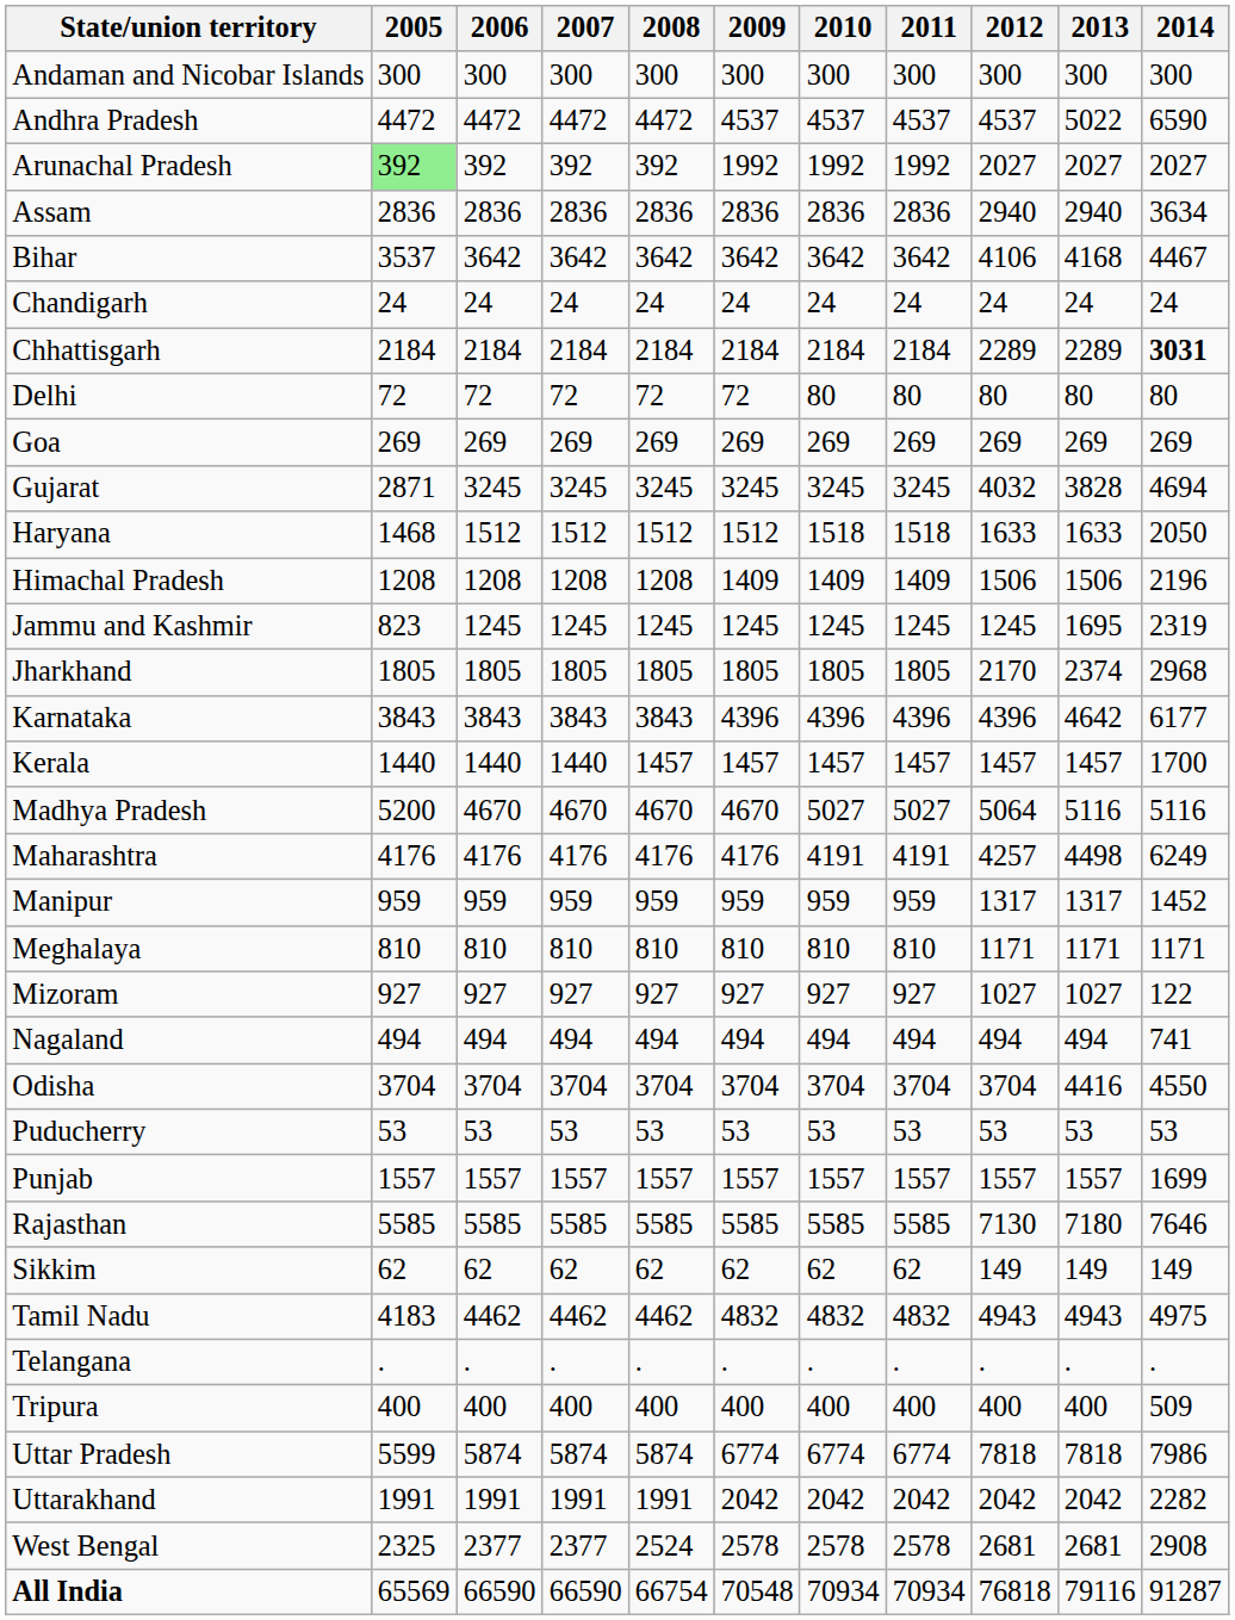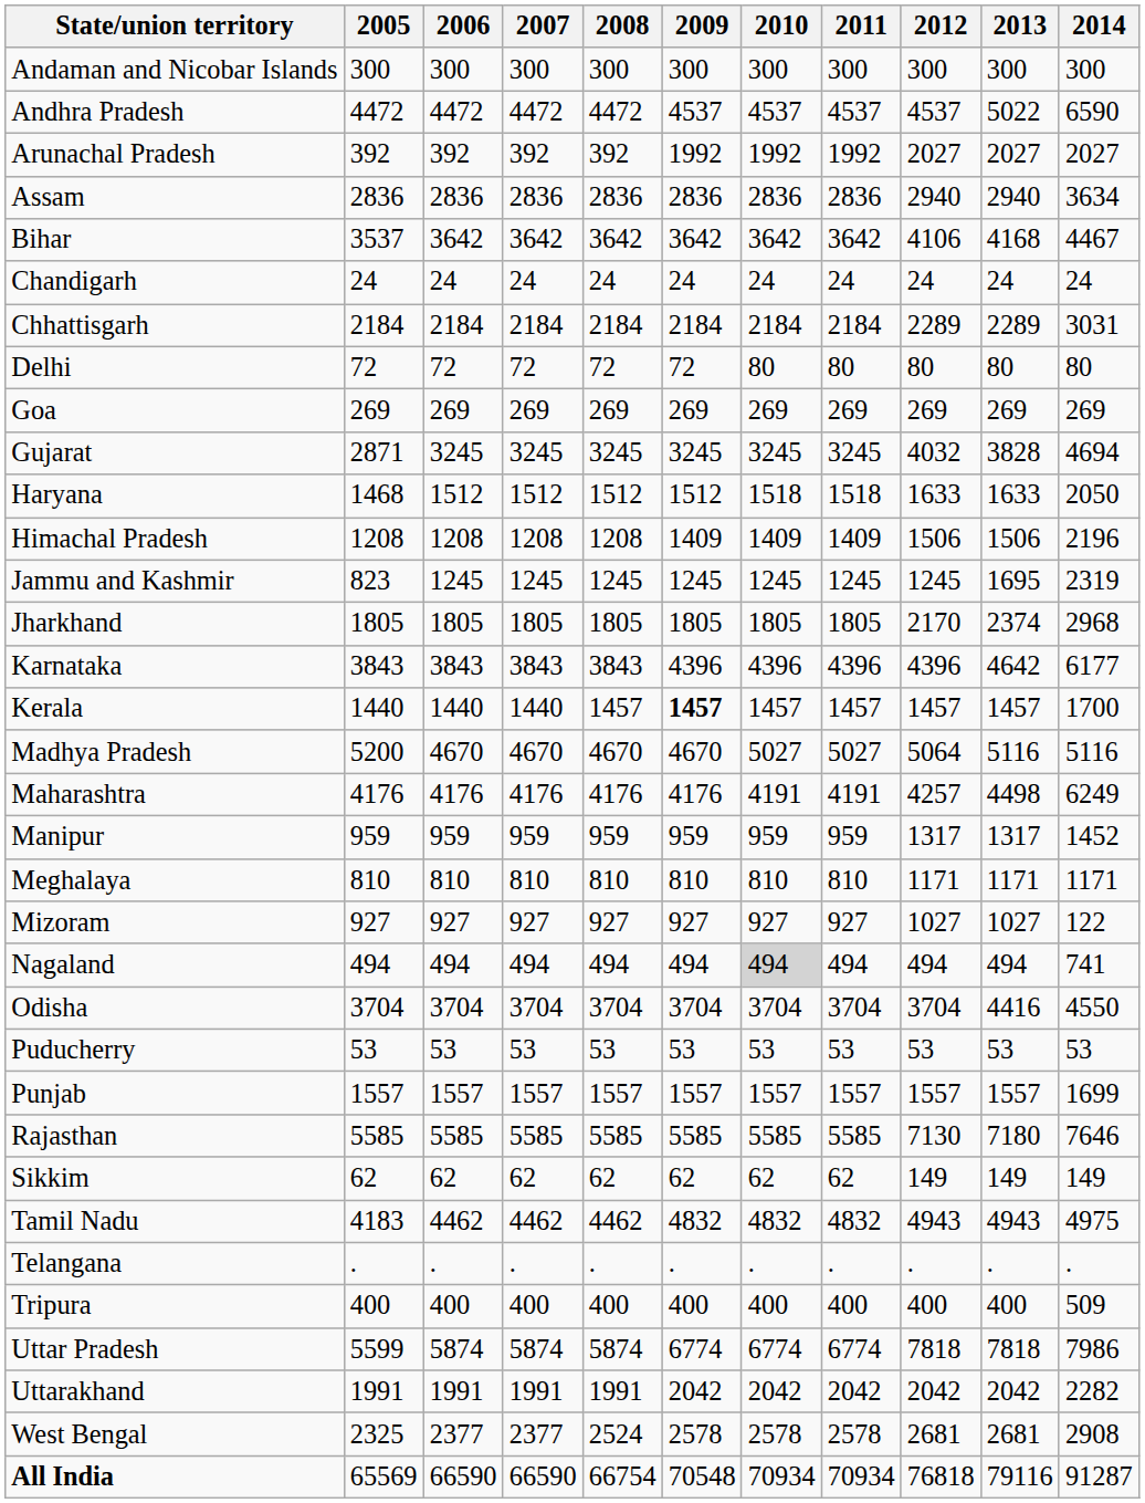 <table class="wikitable sortable">
 <tr>
 <th>State/union territory</th>
 <th>2005</th>
 <th>2006</th>
 <th>2007</th>
 <th>2008</th>
 <th>2009</th>
 <th>2010</th>
 <th>2011</th>
 <th>2012</th>
 <th>2013</th>
 <th>2014</th>
 </tr>
 <tr>
 <td>Andaman and Nicobar Islands</td>
 <td>300</td>
 <td>300</td>
 <td>300</td>
 <td>300</td>
 <td>300</td>
 <td>300</td>
 <td>300</td>
 <td>300</td>
 <td>300</td>
 <td>300</td>
 </tr>
 <tr>
 <td>Andhra Pradesh</td>
 <td>4472</td>
 <td>4472</td>
 <td>4472</td>
 <td>4472</td>
 <td>4537</td>
 <td>4537</td>
 <td>4537</td>
 <td>4537</td>
 <td>5022</td>
 <td>6590</td>
 </tr>
 <tr>
 <td>Arunachal Pradesh</td>
-<td style="background: lightgreen;">392</td>
+<td>392</td>
 <td>392</td>
 <td>392</td>
 <td>392</td>
 <td>1992</td>
 <td>1992</td>
 <td>1992</td>
 <td>2027</td>
 <td>2027</td>
 <td>2027</td>
 </tr>
 <tr>
 <td>Assam</td>
 <td>2836</td>
 <td>2836</td>
 <td>2836</td>
 <td>2836</td>
 <td>2836</td>
 <td>2836</td>
 <td>2836</td>
 <td>2940</td>
 <td>2940</td>
 <td>3634</td>
 </tr>
 <tr>
 <td>Bihar</td>
 <td>3537</td>
 <td>3642</td>
 <td>3642</td>
 <td>3642</td>
 <td>3642</td>
 <td>3642</td>
 <td>3642</td>
 <td>4106</td>
 <td>4168</td>
 <td>4467</td>
 </tr>
 <tr>
 <td>Chandigarh</td>
 <td>24</td>
 <td>24</td>
 <td>24</td>
 <td>24</td>
 <td>24</td>
 <td>24</td>
 <td>24</td>
 <td>24</td>
 <td>24</td>
 <td>24</td>
 </tr>
 <tr>
 <td>Chhattisgarh</td>
 <td>2184</td>
 <td>2184</td>
 <td>2184</td>
 <td>2184</td>
 <td>2184</td>
 <td>2184</td>
 <td>2184</td>
 <td>2289</td>
 <td>2289</td>
-<td><strong>3031</strong></td>
+<td>3031</td>
 </tr>
 <tr>
 <td>Delhi</td>
 <td>72</td>
 <td>72</td>
 <td>72</td>
 <td>72</td>
 <td>72</td>
 <td>80</td>
 <td>80</td>
 <td>80</td>
 <td>80</td>
 <td>80</td>
 </tr>
 <tr>
 <td>Goa</td>
 <td>269</td>
 <td>269</td>
 <td>269</td>
 <td>269</td>
 <td>269</td>
 <td>269</td>
 <td>269</td>
 <td>269</td>
 <td>269</td>
 <td>269</td>
 </tr>
 <tr>
 <td>Gujarat</td>
 <td>2871</td>
 <td>3245</td>
 <td>3245</td>
 <td>3245</td>
 <td>3245</td>
 <td>3245</td>
 <td>3245</td>
 <td>4032</td>
 <td>3828</td>
 <td>4694</td>
 </tr>
 <tr>
 <td>Haryana</td>
 <td>1468</td>
 <td>1512</td>
 <td>1512</td>
 <td>1512</td>
 <td>1512</td>
 <td>1518</td>
 <td>1518</td>
 <td>1633</td>
 <td>1633</td>
 <td>2050</td>
 </tr>
 <tr>
 <td>Himachal Pradesh</td>
 <td>1208</td>
 <td>1208</td>
 <td>1208</td>
 <td>1208</td>
 <td>1409</td>
 <td>1409</td>
 <td>1409</td>
 <td>1506</td>
 <td>1506</td>
 <td>2196</td>
 </tr>
 <tr>
 <td>Jammu and Kashmir</td>
 <td>823</td>
 <td>1245</td>
 <td>1245</td>
 <td>1245</td>
 <td>1245</td>
 <td>1245</td>
 <td>1245</td>
 <td>1245</td>
 <td>1695</td>
 <td>2319</td>
 </tr>
 <tr>
 <td>Jharkhand</td>
 <td>1805</td>
 <td>1805</td>
 <td>1805</td>
 <td>1805</td>
 <td>1805</td>
 <td>1805</td>
 <td>1805</td>
 <td>2170</td>
 <td>2374</td>
 <td>2968</td>
 </tr>
 <tr>
 <td>Karnataka</td>
 <td>3843</td>
 <td>3843</td>
 <td>3843</td>
 <td>3843</td>
 <td>4396</td>
 <td>4396</td>
 <td>4396</td>
 <td>4396</td>
 <td>4642</td>
 <td>6177</td>
 </tr>
 <tr>
 <td>Kerala</td>
 <td>1440</td>
 <td>1440</td>
 <td>1440</td>
 <td>1457</td>
-<td>1457</td>
+<td><strong>1457</strong></td>
 <td>1457</td>
 <td>1457</td>
 <td>1457</td>
 <td>1457</td>
 <td>1700</td>
 </tr>
 <tr>
 <td>Madhya Pradesh</td>
 <td>5200</td>
 <td>4670</td>
 <td>4670</td>
 <td>4670</td>
 <td>4670</td>
 <td>5027</td>
 <td>5027</td>
 <td>5064</td>
 <td>5116</td>
 <td>5116</td>
 </tr>
 <tr>
 <td>Maharashtra</td>
 <td>4176</td>
 <td>4176</td>
 <td>4176</td>
 <td>4176</td>
 <td>4176</td>
 <td>4191</td>
 <td>4191</td>
 <td>4257</td>
 <td>4498</td>
 <td>6249</td>
 </tr>
 <tr>
 <td>Manipur</td>
 <td>959</td>
 <td>959</td>
 <td>959</td>
 <td>959</td>
 <td>959</td>
 <td>959</td>
 <td>959</td>
 <td>1317</td>
 <td>1317</td>
 <td>1452</td>
 </tr>
 <tr>
 <td>Meghalaya</td>
 <td>810</td>
 <td>810</td>
 <td>810</td>
 <td>810</td>
 <td>810</td>
 <td>810</td>
 <td>810</td>
 <td>1171</td>
 <td>1171</td>
 <td>1171</td>
 </tr>
 <tr>
 <td>Mizoram</td>
 <td>927</td>
 <td>927</td>
 <td>927</td>
 <td>927</td>
 <td>927</td>
 <td>927</td>
 <td>927</td>
 <td>1027</td>
 <td>1027</td>
 <td>122</td>
 </tr>
 <tr>
 <td>Nagaland</td>
 <td>494</td>
 <td>494</td>
 <td>494</td>
 <td>494</td>
 <td>494</td>
-<td>494</td>
+<td style="background: lightgrey;">494</td>
 <td>494</td>
 <td>494</td>
 <td>494</td>
 <td>741</td>
 </tr>
 <tr>
 <td>Odisha</td>
 <td>3704</td>
 <td>3704</td>
 <td>3704</td>
 <td>3704</td>
 <td>3704</td>
 <td>3704</td>
 <td>3704</td>
 <td>3704</td>
 <td>4416</td>
 <td>4550</td>
 </tr>
 <tr>
 <td>Puducherry</td>
 <td>53</td>
 <td>53</td>
 <td>53</td>
 <td>53</td>
 <td>53</td>
 <td>53</td>
 <td>53</td>
 <td>53</td>
 <td>53</td>
 <td>53</td>
 </tr>
 <tr>
 <td>Punjab</td>
 <td>1557</td>
 <td>1557</td>
 <td>1557</td>
 <td>1557</td>
 <td>1557</td>
 <td>1557</td>
 <td>1557</td>
 <td>1557</td>
 <td>1557</td>
 <td>1699</td>
 </tr>
 <tr>
 <td>Rajasthan</td>
 <td>5585</td>
 <td>5585</td>
 <td>5585</td>
 <td>5585</td>
 <td>5585</td>
 <td>5585</td>
 <td>5585</td>
 <td>7130</td>
 <td>7180</td>
 <td>7646</td>
 </tr>
 <tr>
 <td>Sikkim</td>
 <td>62</td>
 <td>62</td>
 <td>62</td>
 <td>62</td>
 <td>62</td>
 <td>62</td>
 <td>62</td>
 <td>149</td>
 <td>149</td>
 <td>149</td>
 </tr>
 <tr>
 <td>Tamil Nadu</td>
 <td>4183</td>
 <td>4462</td>
 <td>4462</td>
 <td>4462</td>
 <td>4832</td>
 <td>4832</td>
 <td>4832</td>
 <td>4943</td>
 <td>4943</td>
 <td>4975</td>
 </tr>
 <tr>
 <td>Telangana</td>
 <td>.</td>
 <td>.</td>
 <td>.</td>
 <td>.</td>
 <td>.</td>
 <td>.</td>
 <td>.</td>
 <td>.</td>
 <td>.</td>
 <td>.</td>
 </tr>
 <tr>
 <td>Tripura</td>
 <td>400</td>
 <td>400</td>
 <td>400</td>
 <td>400</td>
 <td>400</td>
 <td>400</td>
 <td>400</td>
 <td>400</td>
 <td>400</td>
 <td>509</td>
 </tr>
 <tr>
 <td>Uttar Pradesh</td>
 <td>5599</td>
 <td>5874</td>
 <td>5874</td>
 <td>5874</td>
 <td>6774</td>
 <td>6774</td>
 <td>6774</td>
 <td>7818</td>
 <td>7818</td>
 <td>7986</td>
 </tr>
 <tr>
 <td>Uttarakhand</td>
 <td>1991</td>
 <td>1991</td>
 <td>1991</td>
 <td>1991</td>
 <td>2042</td>
 <td>2042</td>
 <td>2042</td>
 <td>2042</td>
 <td>2042</td>
 <td>2282</td>
 </tr>
 <tr>
 <td>West Bengal</td>
 <td>2325</td>
 <td>2377</td>
 <td>2377</td>
 <td>2524</td>
 <td>2578</td>
 <td>2578</td>
 <td>2578</td>
 <td>2681</td>
 <td>2681</td>
 <td>2908</td>
 </tr>
 <tr>
 <td><strong>All India</strong></td>
 <td>65569</td>
 <td>66590</td>
 <td>66590</td>
 <td>66754</td>
 <td>70548</td>
 <td>70934</td>
 <td>70934</td>
 <td>76818</td>
 <td>79116</td>
 <td>91287</td>
 </tr>
 <tr>
 </tr>
 </table>
